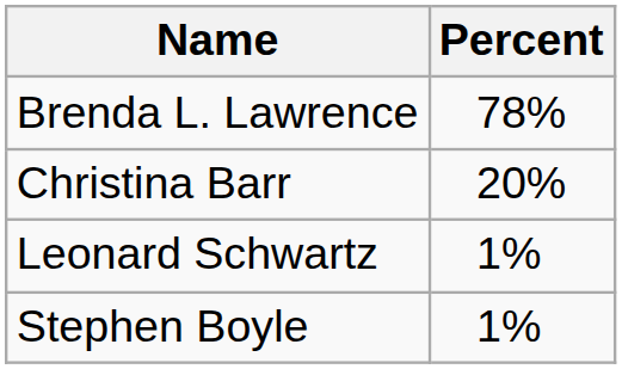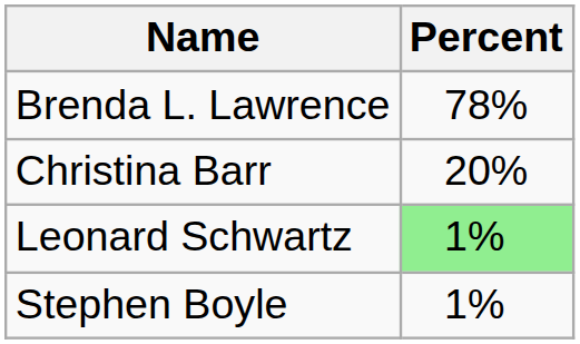 <table class="wikitable">
 <tr>
 <th>Name</th>
 <th>Percent</th>
 </tr>
 <tr>
 <td>Brenda L. Lawrence</td>
 <td>   78%</td>
 </tr>
 <tr>
 <td>Christina Barr</td>
 <td>   20%</td>
 </tr>
 <tr>
 <td>Leonard Schwartz</td>
-<td>   1%</td>
+<td style="background: lightgreen;">   1%</td>
 </tr>
 <tr>
 <td>Stephen Boyle</td>
 <td>   1%</td>
 </tr>
 </table>
